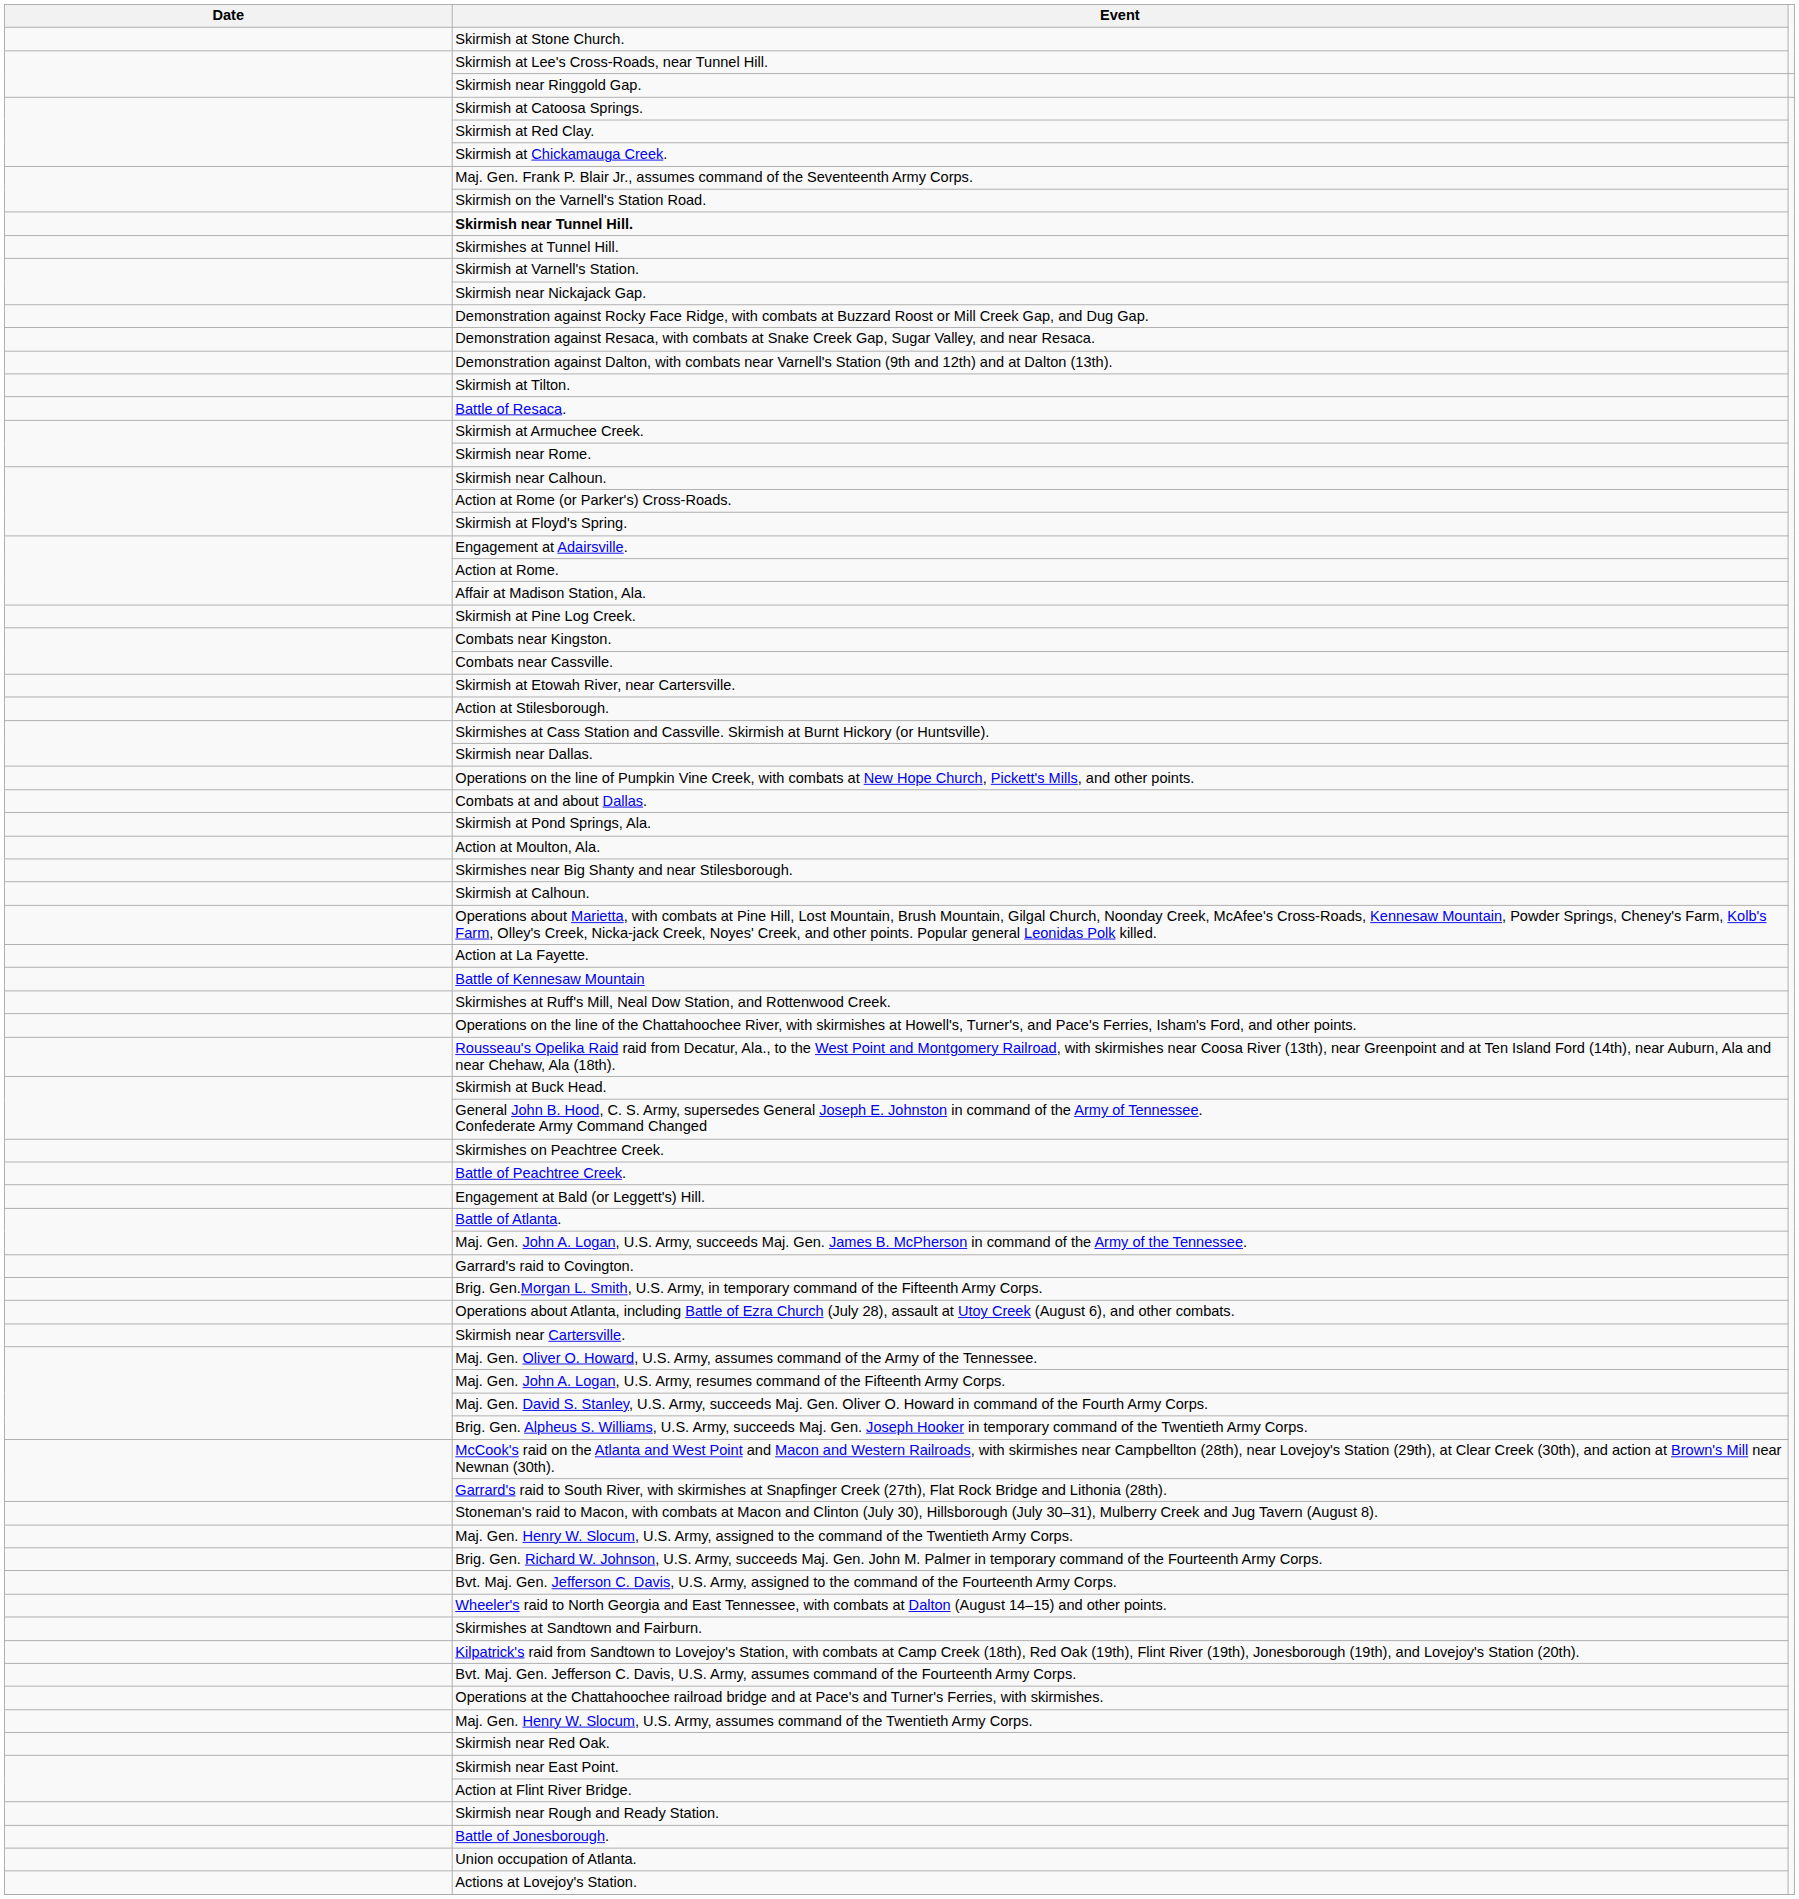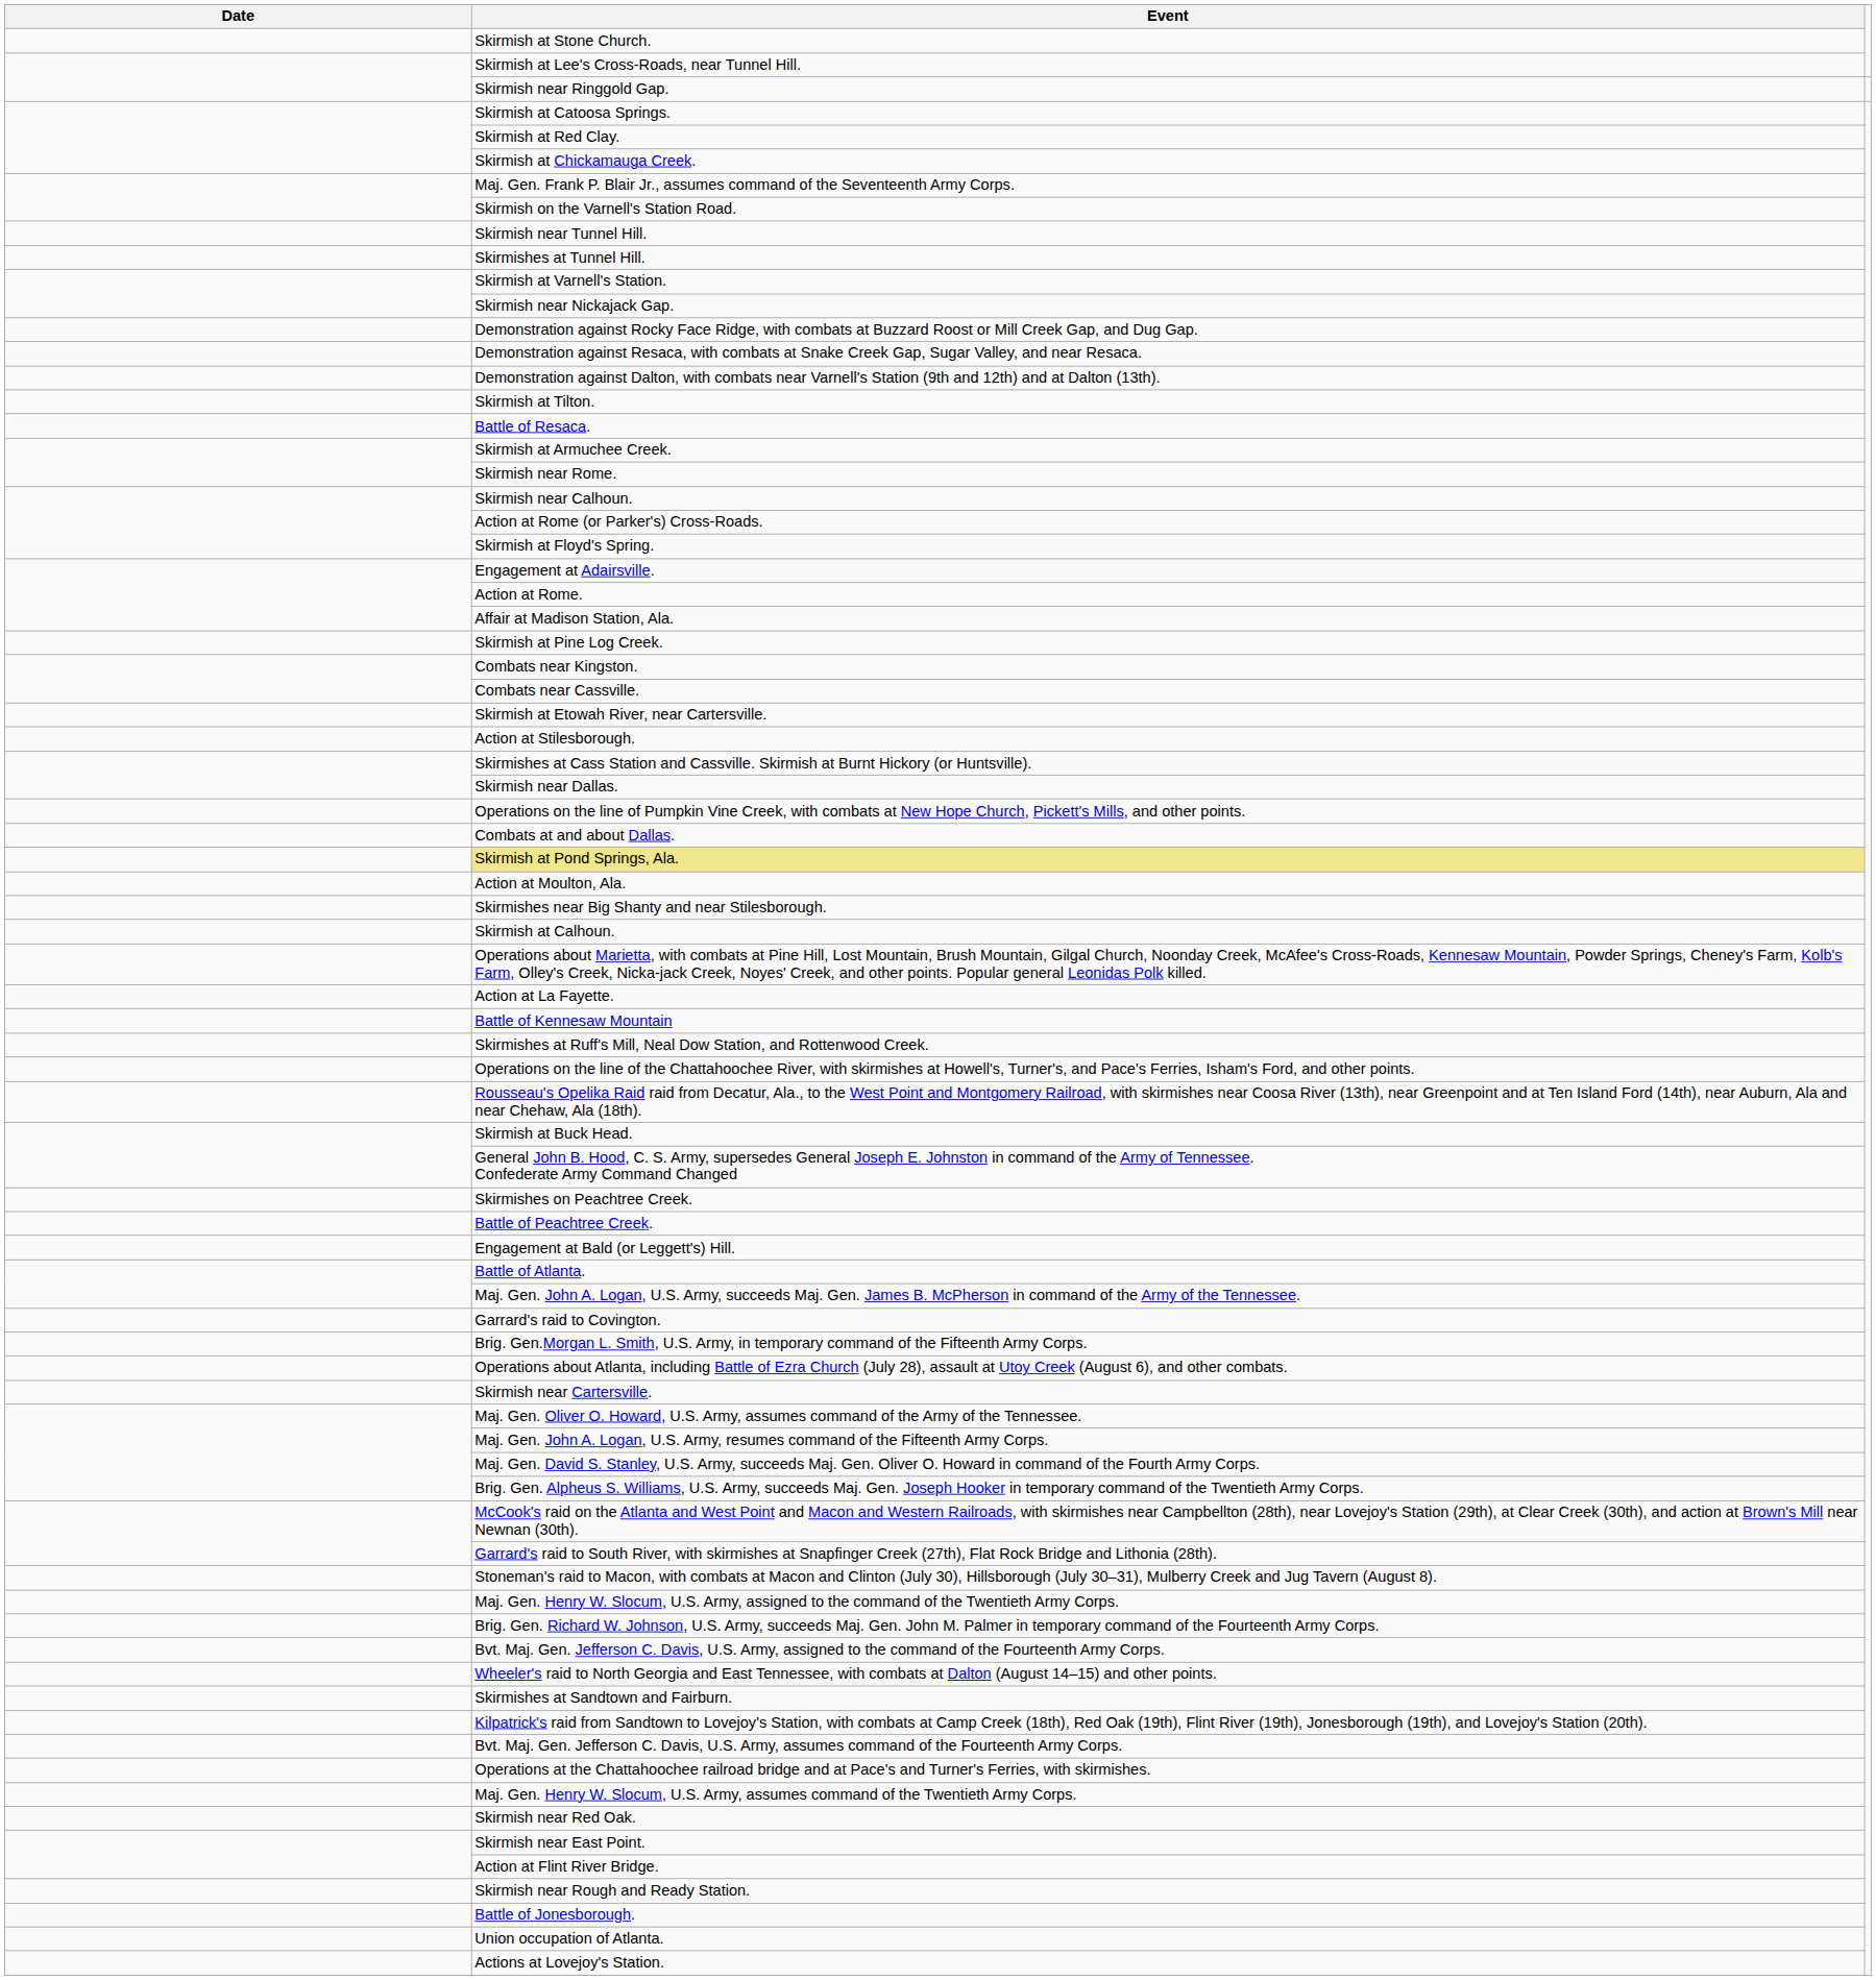 <table class="wikitable">
 <tr>
 <th width=25%>Date</th>
 <th>Event</th>
 </tr>
 <tr>
 <td></td>
 <td>Skirmish at Stone Church.</td>
 </tr>
 <tr>
 <td rowspan=2></td>
 <td>Skirmish at Lee's Cross-Roads, near Tunnel Hill.</td>
 </tr>
 <tr>
 <td>Skirmish near Ringgold Gap.</td>
 <td></td>
 </tr>
 <tr>
 <td rowspan=3></td>
 <td>Skirmish at Catoosa Springs.</td>
 </tr>
 <tr>
 <td>Skirmish at Red Clay.</td>
 </tr>
 <tr>
 <td>Skirmish at <a href='#'>Chickamauga Creek</a>.</td>
 </tr>
 <tr>
 <td rowspan=2></td>
 <td>Maj. Gen. Frank P. Blair Jr., assumes command of the Seventeenth Army Corps.</td>
 </tr>
 <tr>
 <td>Skirmish on the Varnell's Station Road.</td>
 </tr>
 <tr>
 <td></td>
-<td><strong>Skirmish near Tunnel Hill.</strong></td>
+<td>Skirmish near Tunnel Hill.</td>
 </tr>
 <tr>
 <td></td>
 <td>Skirmishes at Tunnel Hill.</td>
 </tr>
 <tr>
 <td rowspan=2></td>
 <td>Skirmish at Varnell's Station.</td>
 </tr>
 <tr>
 <td>Skirmish near Nickajack Gap.</td>
 </tr>
 <tr>
 <td></td>
 <td>Demonstration against Rocky Face Ridge, with combats at Buzzard Roost or Mill Creek Gap, and Dug Gap.</td>
 </tr>
 <tr>
 <td></td>
 <td>Demonstration against Resaca, with combats at Snake Creek Gap, Sugar Valley, and near Resaca.</td>
 </tr>
 <tr>
 <td></td>
 <td>Demonstration against Dalton, with combats near Varnell's Station (9th and 12th) and at Dalton (13th).</td>
 </tr>
 <tr>
 <td></td>
 <td>Skirmish at Tilton.</td>
 </tr>
 <tr>
 <td></td>
 <td><a href='#'>Battle of Resaca</a>.</td>
 </tr>
 <tr>
 <td rowspan=2></td>
 <td>Skirmish at Armuchee Creek.</td>
 </tr>
 <tr>
 <td>Skirmish near Rome.</td>
 </tr>
 <tr>
 <td rowspan=3></td>
 <td>Skirmish near Calhoun.</td>
 </tr>
 <tr>
 <td>Action at Rome (or Parker's) Cross-Roads.</td>
 </tr>
 <tr>
 <td>Skirmish at Floyd's Spring.</td>
 </tr>
 <tr>
 <td rowspan=3></td>
 <td>Engagement at <a href='#'>Adairsville</a>.</td>
 </tr>
 <tr>
 <td>Action at Rome.</td>
 </tr>
 <tr>
 <td>Affair at Madison Station, Ala.</td>
 </tr>
 <tr>
 <td></td>
 <td>Skirmish at Pine Log Creek.</td>
 </tr>
 <tr>
 <td rowspan=2></td>
 <td>Combats near Kingston.</td>
 </tr>
 <tr>
 <td>Combats near Cassville.</td>
 </tr>
 <tr>
 <td></td>
 <td>Skirmish at Etowah River, near Cartersville.</td>
 </tr>
 <tr>
 <td></td>
 <td>Action at Stilesborough.</td>
 </tr>
 <tr>
 <td rowspan=2></td>
 <td>Skirmishes at Cass Station and Cassville. Skirmish at Burnt Hickory (or Huntsville).</td>
 </tr>
 <tr>
 <td>Skirmish near Dallas.</td>
 </tr>
 <tr>
 <td></td>
 <td>Operations on the line of Pumpkin Vine Creek, with combats at <a href='#'>New Hope Church</a>, <a href='#'>Pickett's Mills</a>, and other points.</td>
 </tr>
 <tr>
 <td></td>
 <td>Combats at and about <a href='#'>Dallas</a>.</td>
 </tr>
 <tr>
 <td></td>
-<td>Skirmish at Pond Springs, Ala.</td>
+<td style="background: khaki;">Skirmish at Pond Springs, Ala.</td>
 </tr>
 <tr>
 <td></td>
 <td>Action at Moulton, Ala.</td>
 </tr>
 <tr>
 <td></td>
 <td>Skirmishes near Big Shanty and near Stilesborough.</td>
 </tr>
 <tr>
 <td></td>
 <td>Skirmish at Calhoun.</td>
 </tr>
 <tr>
 <td></td>
 <td>Operations about <a href='#'>Marietta</a>, with combats at Pine Hill, Lost Mountain, Brush Mountain, Gilgal Church, Noonday Creek, McAfee's Cross-Roads, <a href='#'>Kennesaw Mountain</a>, Powder Springs, Cheney's Farm, <a href='#'>Kolb's Farm</a>, Olley's Creek, Nicka-jack Creek, Noyes' Creek, and other points. Popular general <a href='#'>Leonidas Polk</a> killed.</td>
 </tr>
 <tr>
 <td></td>
 <td>Action at La Fayette.</td>
 </tr>
 <tr>
 <td></td>
 <td><a href='#'>Battle of Kennesaw Mountain</a></td>
 </tr>
 <tr>
 <td></td>
 <td>Skirmishes at Ruff's Mill, Neal Dow Station, and Rottenwood Creek.</td>
 </tr>
 <tr>
 <td></td>
 <td>Operations on the line of the Chattahoochee River, with skirmishes at Howell's, Turner's, and Pace's Ferries, Isham's Ford, and other points.</td>
 </tr>
 <tr>
 <td></td>
 <td><a href='#'>Rousseau's Opelika Raid</a> raid from Decatur, Ala., to the <a href='#'>West Point and Montgomery Railroad</a>, with skirmishes near Coosa River (13th), near Greenpoint and at Ten Island Ford (14th), near Auburn, Ala and near Chehaw, Ala (18th).</td>
 </tr>
 <tr>
 <td rowspan=2></td>
 <td>Skirmish at Buck Head.</td>
 </tr>
 <tr>
 <td>General <a href='#'>John B. Hood</a>, C. S. Army, supersedes General <a href='#'>Joseph E. Johnston</a> in command of the <a href='#'>Army of Tennessee</a>.<br>Confederate Army Command Changed</td>
 </tr>
 <tr>
 <td></td>
 <td>Skirmishes on Peachtree Creek.</td>
 </tr>
 <tr>
 <td></td>
 <td><a href='#'>Battle of Peachtree Creek</a>.</td>
 </tr>
 <tr>
 <td></td>
 <td>Engagement at Bald (or Leggett's) Hill.</td>
 </tr>
 <tr>
 <td rowspan=2></td>
 <td><a href='#'>Battle of Atlanta</a>.</td>
 </tr>
 <tr>
 <td>Maj. Gen. <a href='#'>John A. Logan</a>, U.S. Army, succeeds Maj. Gen. <a href='#'>James B. McPherson</a> in command of the <a href='#'>Army of the Tennessee</a>.</td>
 </tr>
 <tr>
 <td></td>
 <td>Garrard's raid to Covington.</td>
 </tr>
 <tr>
 <td></td>
 <td>Brig. Gen.<a href='#'>Morgan L. Smith</a>, U.S. Army, in temporary command of the Fifteenth Army Corps.</td>
 </tr>
 <tr>
 <td></td>
 <td>Operations about Atlanta, including <a href='#'>Battle of Ezra Church</a> (July 28), assault at <a href='#'>Utoy Creek</a> (August 6), and other combats.</td>
 </tr>
 <tr>
 <td></td>
 <td>Skirmish near <a href='#'>Cartersville</a>.</td>
 </tr>
 <tr>
 <td rowspan=4></td>
 <td>Maj. Gen. <a href='#'>Oliver O. Howard</a>, U.S. Army, assumes command of the Army of the Tennessee.</td>
 </tr>
 <tr>
 <td>Maj. Gen. <a href='#'>John A. Logan</a>, U.S. Army, resumes command of the Fifteenth Army Corps.</td>
 </tr>
 <tr>
 <td>Maj. Gen. <a href='#'>David S. Stanley</a>, U.S. Army, succeeds Maj. Gen. Oliver O. Howard in command of the Fourth Army Corps.</td>
 </tr>
 <tr>
 <td>Brig. Gen. <a href='#'>Alpheus S. Williams</a>, U.S. Army, succeeds Maj. Gen. <a href='#'>Joseph Hooker</a> in temporary command of the Twentieth Army Corps.</td>
 </tr>
 <tr>
 <td rowspan=2></td>
 <td><a href='#'>McCook's</a> raid on the <a href='#'>Atlanta and West Point</a> and <a href='#'>Macon and Western Railroads</a>, with skirmishes near Campbellton (28th), near Lovejoy's Station (29th), at Clear Creek (30th), and action at <a href='#'>Brown's Mill</a> near Newnan (30th).</td>
 </tr>
 <tr>
 <td><a href='#'>Garrard's</a> raid to South River, with skirmishes at Snapfinger Creek (27th), Flat Rock Bridge and Lithonia (28th).</td>
 </tr>
 <tr>
 <td></td>
 <td>Stoneman's raid to Macon, with combats at Macon and Clinton (July 30), Hillsborough (July 30–31), Mulberry Creek and Jug Tavern (August 8).</td>
 </tr>
 <tr>
 <td></td>
 <td>Maj. Gen. <a href='#'>Henry W. Slocum</a>, U.S. Army, assigned to the command of the Twentieth Army Corps.</td>
 </tr>
 <tr>
 <td></td>
 <td>Brig. Gen. <a href='#'>Richard W. Johnson</a>, U.S. Army, succeeds Maj. Gen. John M. Palmer in temporary command of the Fourteenth Army Corps.</td>
 </tr>
 <tr>
 <td></td>
 <td>Bvt. Maj. Gen. <a href='#'>Jefferson C. Davis</a>, U.S. Army, assigned to the command of the Fourteenth Army Corps.</td>
 </tr>
 <tr>
 <td></td>
 <td><a href='#'>Wheeler's</a> raid to North Georgia and East Tennessee, with combats at <a href='#'>Dalton</a> (August 14–15) and other points.</td>
 </tr>
 <tr>
 <td></td>
 <td>Skirmishes at Sandtown and Fairburn.</td>
 </tr>
 <tr>
 <td></td>
 <td><a href='#'>Kilpatrick's</a> raid from Sandtown to Lovejoy's Station, with combats at Camp Creek (18th), Red Oak (19th), Flint River (19th), Jonesborough (19th), and Lovejoy's Station (20th).</td>
 </tr>
 <tr>
 <td></td>
 <td>Bvt. Maj. Gen. Jefferson C. Davis, U.S. Army, assumes command of the Fourteenth Army Corps.</td>
 </tr>
 <tr>
 <td></td>
 <td>Operations at the Chattahoochee railroad bridge and at Pace's and Turner's Ferries, with skirmishes.</td>
 </tr>
 <tr>
 <td></td>
 <td>Maj. Gen. <a href='#'>Henry W. Slocum</a>, U.S. Army, assumes command of the Twentieth Army Corps.</td>
 </tr>
 <tr>
 <td></td>
 <td>Skirmish near Red Oak.</td>
 </tr>
 <tr>
 <td rowspan=2></td>
 <td>Skirmish near East Point.</td>
 </tr>
 <tr>
 <td>Action at Flint River Bridge.</td>
 </tr>
 <tr>
 <td></td>
 <td>Skirmish near Rough and Ready Station.</td>
 </tr>
 <tr>
 <td></td>
 <td><a href='#'>Battle of Jonesborough</a>.</td>
 </tr>
 <tr>
 <td></td>
 <td>Union occupation of Atlanta.</td>
 </tr>
 <tr>
 <td></td>
 <td>Actions at Lovejoy's Station.</td>
 </tr>
 <tr>
 </tr>
 </table>
